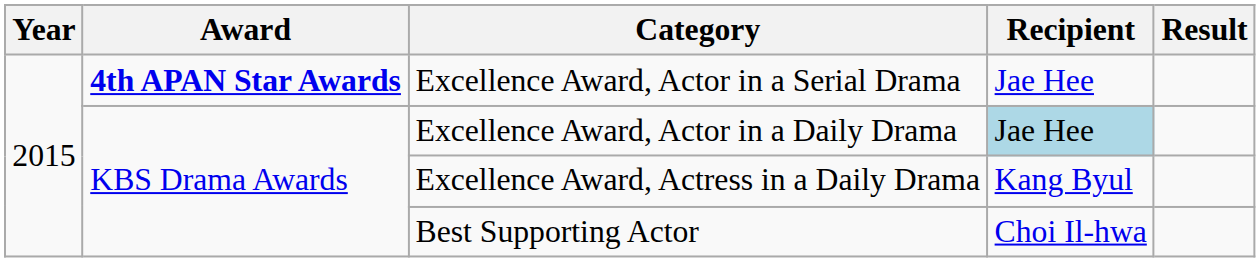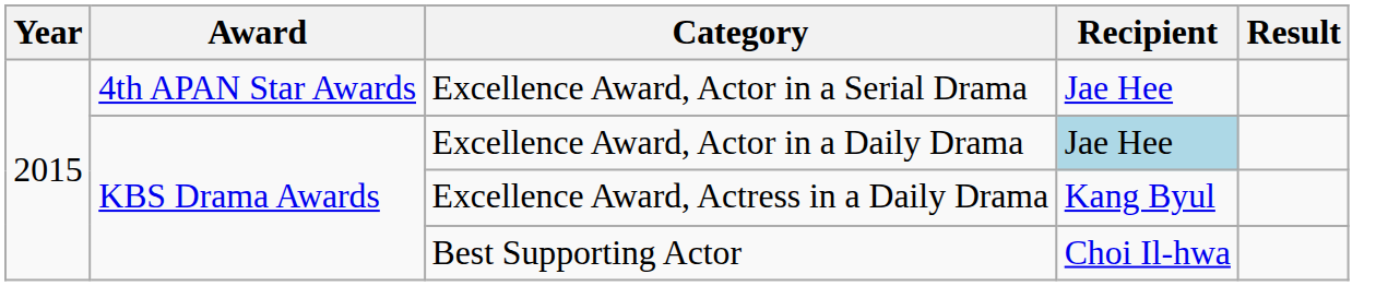 <table class="wikitable">
 <tr>
 <th>Year</th>
 <th>Award</th>
 <th>Category</th>
 <th>Recipient</th>
 <th>Result</th>
 </tr>
 <tr>
 <td rowspan=4>2015</td>
-<td><strong><a href='#'>4th APAN Star Awards</a></strong></td>
+<td><a href='#'>4th APAN Star Awards</a></td>
 <td>Excellence Award, Actor in a Serial Drama</td>
 <td><a href='#'>Jae Hee</a></td>
 <td></td>
 </tr>
 <tr>
 <td rowspan=3><a href='#'>KBS Drama Awards</a></td>
 <td>Excellence Award, Actor in a Daily Drama</td>
 <td style="background: lightblue;">Jae Hee</td>
 <td></td>
 </tr>
 <tr>
 <td>Excellence Award, Actress in a Daily Drama</td>
 <td><a href='#'>Kang Byul</a></td>
 <td></td>
 </tr>
 <tr>
 <td>Best Supporting Actor</td>
 <td><a href='#'>Choi Il-hwa</a></td>
 <td></td>
 </tr>
 </table>
